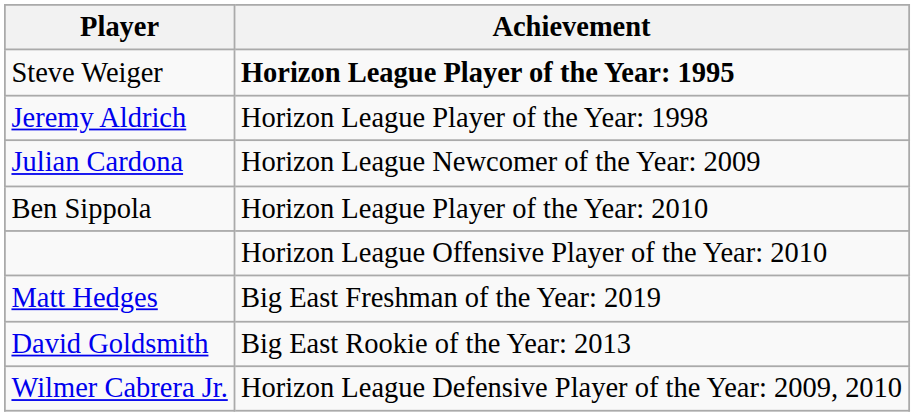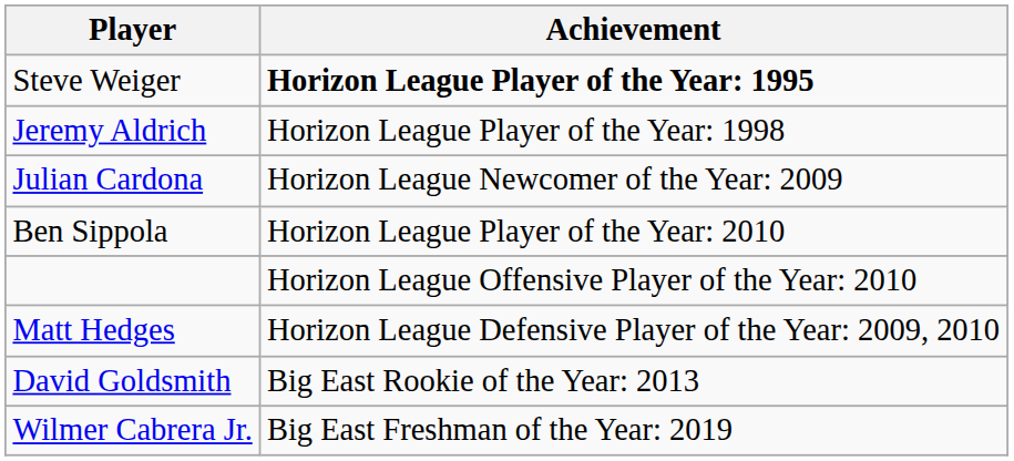 <table class= wikitable>
 <tr>
 <th width=px>Player</th>
 <th width=px>Achievement</th>
 </tr>
 <tr>
 <td>Steve Weiger</td>
 <td><strong>Horizon League Player of the Year: 1995</strong></td>
 </tr>
 <tr>
 <td><a href='#'>Jeremy Aldrich</a></td>
 <td>Horizon League Player of the Year: 1998</td>
 </tr>
 <tr>
 <td><a href='#'>Julian Cardona</a></td>
 <td>Horizon League Newcomer of the Year: 2009</td>
 </tr>
 <tr>
 <td>Ben Sippola</td>
 <td>Horizon League Player of the Year: 2010</td>
 </tr>
 <tr>
 <td></td>
 <td>Horizon League Offensive Player of the Year: 2010</td>
 </tr>
 <tr>
 <td><a href='#'>Matt Hedges</a></td>
-<td>Big East Freshman of the Year: 2019</td>
+<td>Horizon League Defensive Player of the Year: 2009, 2010</td>
 </tr>
 <tr>
 <td><a href='#'>David Goldsmith</a></td>
 <td>Big East Rookie of the Year: 2013</td>
 </tr>
 <tr>
 <td><a href='#'>Wilmer Cabrera Jr.</a></td>
-<td>Horizon League Defensive Player of the Year: 2009, 2010</td>
+<td>Big East Freshman of the Year: 2019</td>
 </tr>
 </table>
